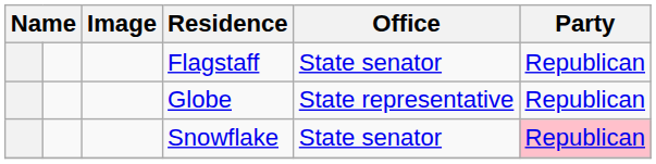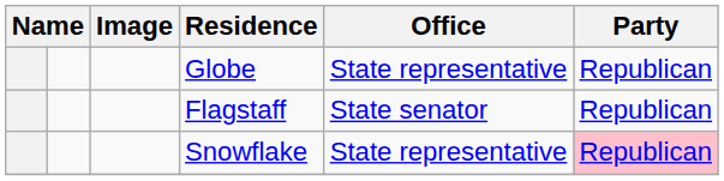 <table class="sortable wikitable">
 <tr valign=bottom>
 <th colspan="2">Name</th>
 <th>Image</th>
 <th>Residence</th>
 <th>Office</th>
 <th>Party</th>
+</tr>
+<tr>
+<th style="background-color:  "></th>
+<td></td>
+<td></td>
+<td><a href='#'>Globe</a></td>
+<td><a href='#'>State representative</a></td>
+<td><a href='#'>Republican</a></td>
 </tr>
 <tr>
 <th style="background-color:  "></th>
 <td></td>
 <td></td>
 <td><a href='#'>Flagstaff</a></td>
 <td><a href='#'>State senator</a></td>
 <td><a href='#'>Republican</a></td>
 </tr>
 <tr>
 <th style="background-color:  "></th>
 <td></td>
 <td></td>
-<td><a href='#'>Globe</a></td>
+<td><a href='#'>Snowflake</a></td>
 <td><a href='#'>State representative</a></td>
-<td><a href='#'>Republican</a></td>
-</tr>
-<tr>
-<th style="background-color:  "></th>
-<td></td>
-<td></td>
-<td><a href='#'>Snowflake</a></td>
-<td><a href='#'>State senator</a></td>
 <td style="background: pink;"><a href='#'>Republican</a></td>
 </tr>
 <tr>
 </tr>
 </table>
